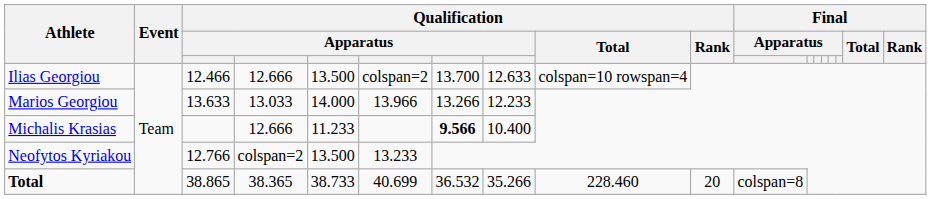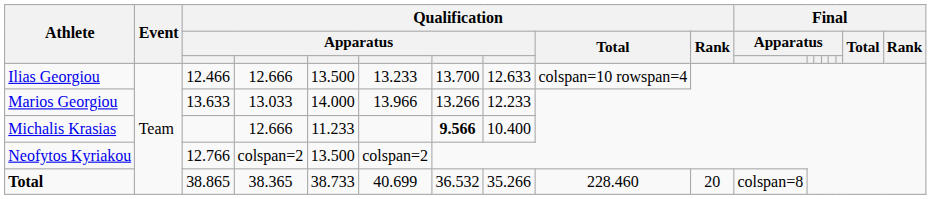 <table class="wikitable" style="font-size:90%">
 <tr>
 <th rowspan=3>Athlete</th>
 <th rowspan=3>Event</th>
 <th colspan =8>Qualification</th>
 <th colspan =8>Final</th>
 </tr>
 <tr style="font-size:95%">
 <th colspan=6>Apparatus</th>
 <th rowspan=2>Total</th>
 <th rowspan=2>Rank</th>
 <th colspan=6>Apparatus</th>
 <th rowspan=2>Total</th>
 <th rowspan=2>Rank</th>
 </tr>
 <tr style="font-size:95%">
 <th></th>
 <th></th>
 <th></th>
 <th></th>
 <th></th>
 <th></th>
 <th></th>
 <th></th>
 <th></th>
 <th></th>
 <th></th>
 <th></th>
 </tr>
 <tr align=center>
 <td align=left><a href='#'>Ilias Georgiou</a></td>
 <td align=left rowspan=5>Team</td>
 <td>12.466</td>
 <td>12.666</td>
 <td>13.500</td>
-<td>colspan=2</td>
+<td>13.233</td>
 <td>13.700</td>
 <td>12.633</td>
 <td>colspan=10 rowspan=4 </td>
 </tr>
 <tr align=center>
 <td align=left><a href='#'>Marios Georgiou</a></td>
 <td>13.633</td>
 <td>13.033</td>
 <td>14.000</td>
 <td>13.966</td>
 <td>13.266</td>
 <td>12.233</td>
 </tr>
 <tr align=center>
 <td align=left><a href='#'>Michalis Krasias</a></td>
 <td></td>
 <td>12.666</td>
 <td>11.233</td>
 <td></td>
 <td><strong>9.566</strong></td>
 <td>10.400</td>
 </tr>
 <tr align=center>
 <td align=left><a href='#'>Neofytos Kyriakou</a></td>
 <td>12.766</td>
 <td>colspan=2</td>
 <td>13.500</td>
-<td>13.233</td>
+<td>colspan=2</td>
 </tr>
 <tr align=center>
 <td align=left><strong>Total</strong></td>
 <td>38.865</td>
 <td>38.365</td>
 <td>38.733</td>
 <td>40.699</td>
 <td>36.532</td>
 <td>35.266</td>
 <td>228.460</td>
 <td>20</td>
 <td>colspan=8</td>
 </tr>
 </table>
